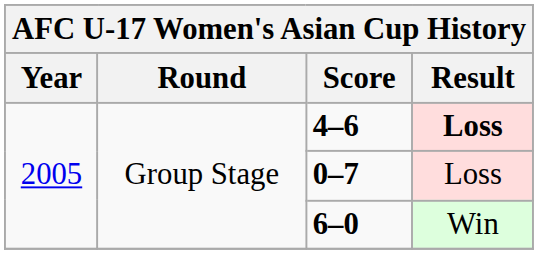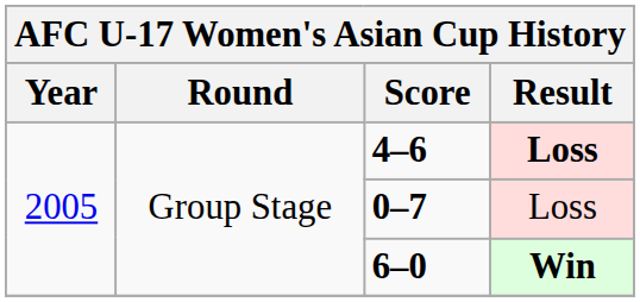 <table class="wikitable" style="text-align:center; font-size:100%;">
 <tr>
 <th colspan=4 style="background:color: #FFFFFF;">AFC U-17 Women's Asian Cup History</th>
 </tr>
 <tr>
 <th>Year</th>
 <th>Round</th>
 <th>Score</th>
 <th>Result</th>
 </tr>
 <tr>
 <td rowspan=3><a href='#'>2005</a></td>
 <td rowspan=3>Group Stage</td>
 <td align="left"> <strong>4–6</strong> </td>
 <td style="background:#fdd;"><strong>Loss</strong></td>
 </tr>
 <tr>
 <td align="left"> <strong>0–7</strong> </td>
 <td style="background:#fdd;">Loss</td>
 </tr>
 <tr>
 <td align="left"> <strong>6–0</strong> </td>
-<td style="background:#dfd;">Win</td>
+<td style="background:#dfd;"><strong>Win</strong></td>
 </tr>
 <tr>
 </tr>
 </table>
